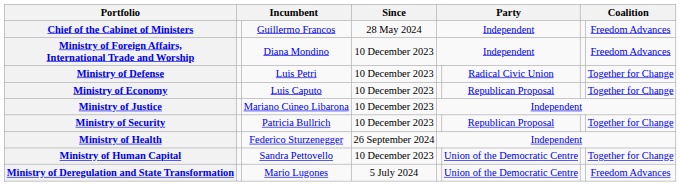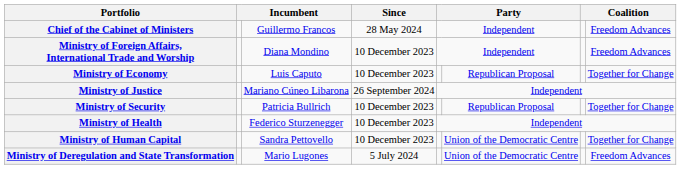 <table class="wikitable sortable" style="text-align:center">
 <tr>
 <th width=" %">Portfolio</th>
 <th colspan="2">Incumbent</th>
 <th>Since</th>
 <th colspan="2">Party</th>
 <th colspan="2">Coalition</th>
 </tr>
 <tr>
 <th style="text-align:center"><a href='#'>Chief of the Cabinet of Ministers</a></th>
 <td></td>
 <td><a href='#'>Guillermo Francos</a></td>
 <td>28 May 2024</td>
 <td colspan="2"><a href='#'>Independent</a></td>
 <td></td>
 <td><a href='#'>Freedom Advances</a></td>
 </tr>
 <tr>
 <th style="text-align:center"><a href='#'>Ministry of Foreign Affairs,<br> International Trade and Worship</a></th>
 <td></td>
 <td><a href='#'>Diana Mondino</a></td>
 <td>10 December 2023</td>
 <td colspan="2"><a href='#'>Independent</a></td>
 <td></td>
 <td><a href='#'>Freedom Advances</a></td>
 </tr>
 <tr>
-<th style="text-align:center"><a href='#'>Ministry of Defense</a></th>
-<td></td>
-<td><a href='#'>Luis Petri</a></td>
-<td>10 December 2023</td>
-<td style="background:"></td>
-<td><a href='#'>Radical Civic Union</a></td>
-<td style="background:"></td>
-<td><a href='#'>Together for Change</a></td>
-</tr>
-<tr>
 <th style="text-align:center"><a href='#'>Ministry of Economy</a></th>
 <td></td>
 <td><a href='#'>Luis Caputo</a></td>
 <td>10 December 2023</td>
 <td style="background:"></td>
 <td><a href='#'>Republican Proposal</a></td>
 <td style="background:"></td>
 <td><a href='#'>Together for Change</a></td>
 </tr>
 <tr>
 <th style="text-align:center"><a href='#'>Ministry of Justice</a></th>
 <td></td>
 <td><a href='#'>Mariano Cúneo Libarona</a></td>
-<td>10 December 2023</td>
+<td>26 September 2024</td>
 <td colspan="4"><a href='#'>Independent</a></td>
 </tr>
 <tr>
 <th style="text-align:center"><a href='#'>Ministry of Security</a></th>
 <td></td>
 <td><a href='#'>Patricia Bullrich</a></td>
 <td>10 December 2023</td>
 <td style="background:"></td>
 <td><a href='#'>Republican Proposal</a></td>
 <td style="background:"></td>
 <td><a href='#'>Together for Change</a></td>
 </tr>
 <tr>
 <th style="text-align:center"><a href='#'>Ministry of Health</a></th>
 <td></td>
 <td><a href='#'>Federico Sturzenegger</a></td>
-<td>26 September 2024</td>
+<td>10 December 2023</td>
 <td colspan="4"><a href='#'>Independent</a></td>
 </tr>
 <tr>
 <th style="text-align:center"><a href='#'>Ministry of Human Capital</a></th>
 <td></td>
 <td><a href='#'>Sandra Pettovello</a></td>
 <td>10 December 2023</td>
 <td style="background:"></td>
 <td><a href='#'>Union of the Democratic Centre</a></td>
 <td></td>
 <td><a href='#'>Together for Change</a></td>
 </tr>
 <tr>
 <th style="text-align:center"><a href='#'>Ministry of Deregulation and State Transformation</a></th>
 <td></td>
 <td><a href='#'>Mario Lugones</a></td>
 <td>5 July 2024</td>
 <td style="background:"></td>
 <td><a href='#'>Union of the Democratic Centre</a></td>
 <td></td>
 <td><a href='#'>Freedom Advances</a></td>
 </tr>
 </table>
